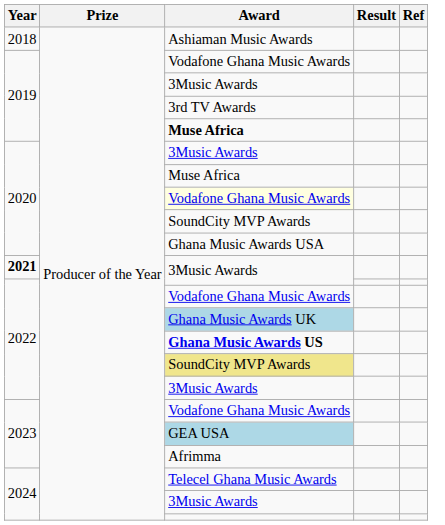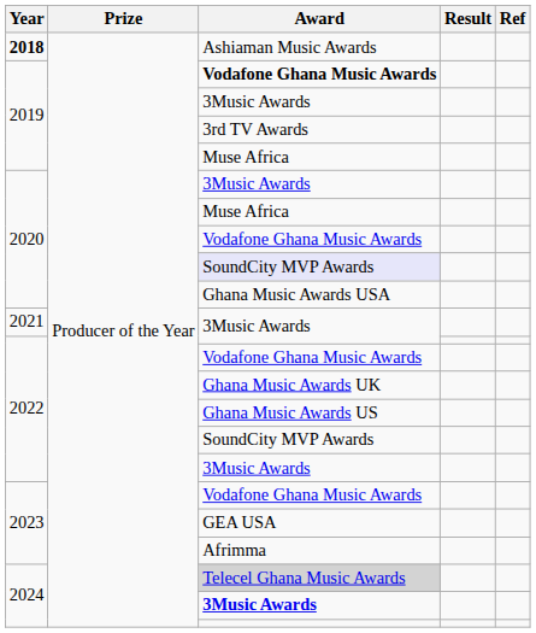 <table class="wikitable sortable">
 <tr>
 <th>Year</th>
 <th>Prize</th>
 <th>Award</th>
 <th>Result</th>
 <th>Ref</th>
 </tr>
 <tr>
-<td>2018</td>
+<td><strong>2018</strong></td>
 <td rowspan="23">Producer of the Year</td>
 <td>Ashiaman Music Awards</td>
 <td></td>
 <td></td>
 </tr>
 <tr>
 <td rowspan="4">2019</td>
-<td>Vodafone Ghana Music Awards</td>
+<td><strong>Vodafone Ghana Music Awards</strong></td>
 <td></td>
 <td></td>
 </tr>
 <tr>
 <td>3Music Awards</td>
 <td></td>
 <td></td>
 </tr>
 <tr>
 <td 3rd TV Awards>3rd TV Awards</td>
 <td></td>
 <td></td>
 </tr>
 <tr>
-<td Muse Africa Awards><strong>Muse Africa</strong></td>
+<td Muse Africa Awards>Muse Africa</td>
 <td></td>
 <td></td>
 </tr>
 <tr>
 <td rowspan="5">2020</td>
 <td 3 Music Awards><a href='#'>3Music Awards</a></td>
 <td></td>
 <td></td>
 </tr>
 <tr>
 <td Muse Africa>Muse Africa</td>
 <td></td>
 <td></td>
 </tr>
 <tr>
-<td style="background: lightyellow;"><a href='#'>Vodafone Ghana Music Awards</a></td>
+<td><a href='#'>Vodafone Ghana Music Awards</a></td>
 <td></td>
 <td></td>
 </tr>
 <tr>
-<td SoundCity MVP Awards>SoundCity MVP Awards</td>
+<td SoundCity MVP Awards style="background: lavender;">SoundCity MVP Awards</td>
 <td></td>
 <td></td>
 </tr>
 <tr>
 <td>Ghana Music Awards USA</td>
 <td></td>
 <td></td>
 </tr>
 <tr>
-<td><strong>2021</strong></td>
+<td>2021</td>
 <td rowspan="2">3Music Awards</td>
 <td></td>
 <td></td>
 </tr>
 <tr>
 <td rowspan="6">2022</td>
 <td></td>
 <td></td>
 </tr>
 <tr>
 <td><a href='#'>Vodafone Ghana Music Awards</a></td>
 <td></td>
 <td></td>
 </tr>
 <tr>
-<td style="background: lightblue;"><a href='#'>Ghana Music Awards</a> UK</td>
+<td><a href='#'>Ghana Music Awards</a> UK</td>
 <td></td>
 <td></td>
 </tr>
 <tr>
-<td><strong><a href='#'>Ghana Music Awards</a> US</strong></td>
+<td><a href='#'>Ghana Music Awards</a> US</td>
 <td></td>
 <td></td>
 </tr>
 <tr>
-<td style="background: khaki;">SoundCity MVP Awards</td>
+<td>SoundCity MVP Awards</td>
 <td></td>
 <td></td>
 </tr>
 <tr>
 <td><a href='#'>3Music Awards</a></td>
 <td></td>
 </tr>
 <tr>
 <td rowspan="3">2023</td>
 <td><a href='#'>Vodafone Ghana Music Awards</a></td>
 <td></td>
 <td></td>
 </tr>
 <tr>
-<td style="background: lightblue;">GEA USA</td>
+<td>GEA USA</td>
 <td></td>
 <td></td>
 </tr>
 <tr>
 <td>Afrimma</td>
 <td></td>
 <td></td>
 </tr>
 <tr>
 <td rowspan="3">2024</td>
-<td><a href='#'>Telecel Ghana Music Awards</a></td>
+<td style="background: lightgrey;"><a href='#'>Telecel Ghana Music Awards</a></td>
 <td></td>
 <td></td>
 </tr>
 <tr>
-<td><a href='#'>3Music Awards</a></td>
+<td><strong><a href='#'>3Music Awards</a></strong></td>
 <td></td>
 <td></td>
 </tr>
 <tr>
 <td></td>
 <td></td>
 <td></td>
 </tr>
 </table>
